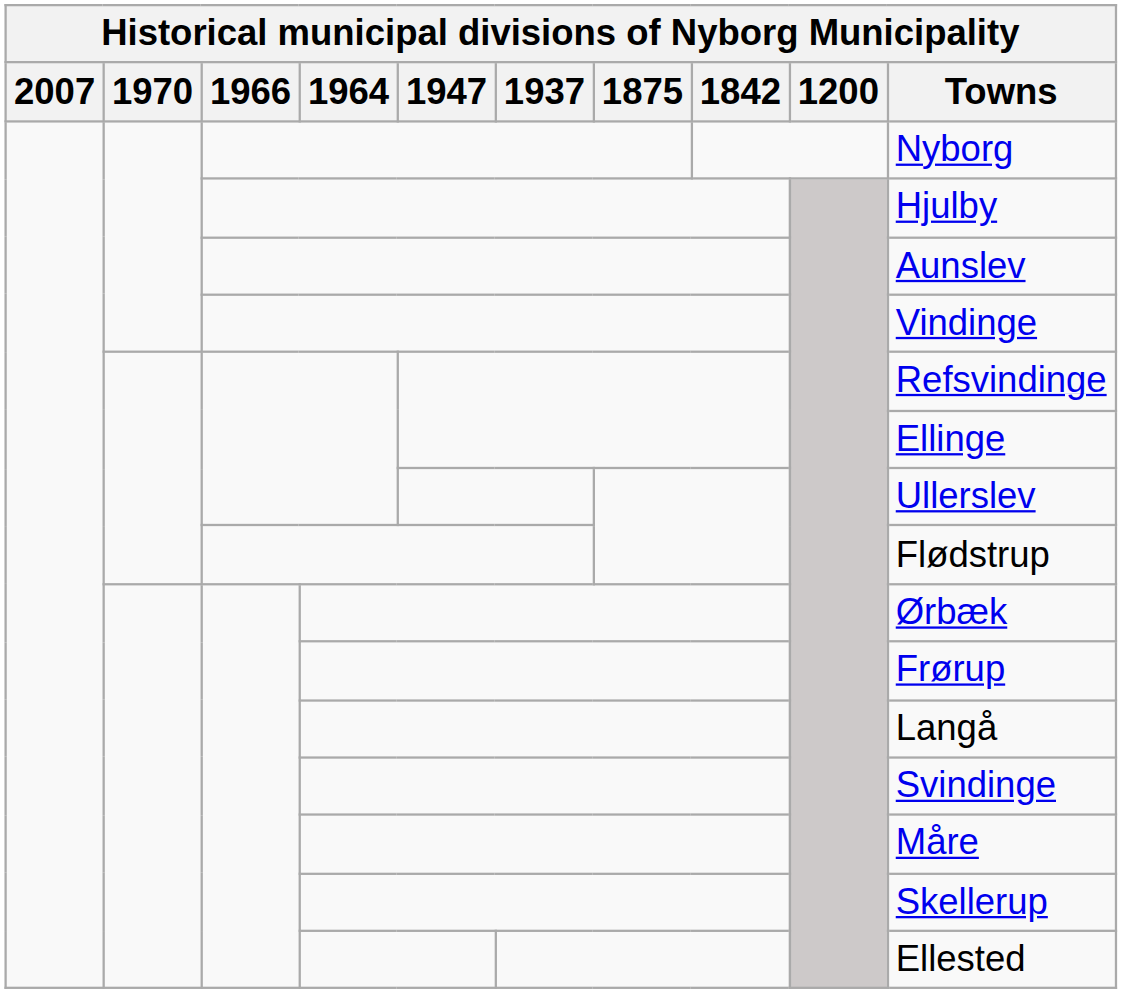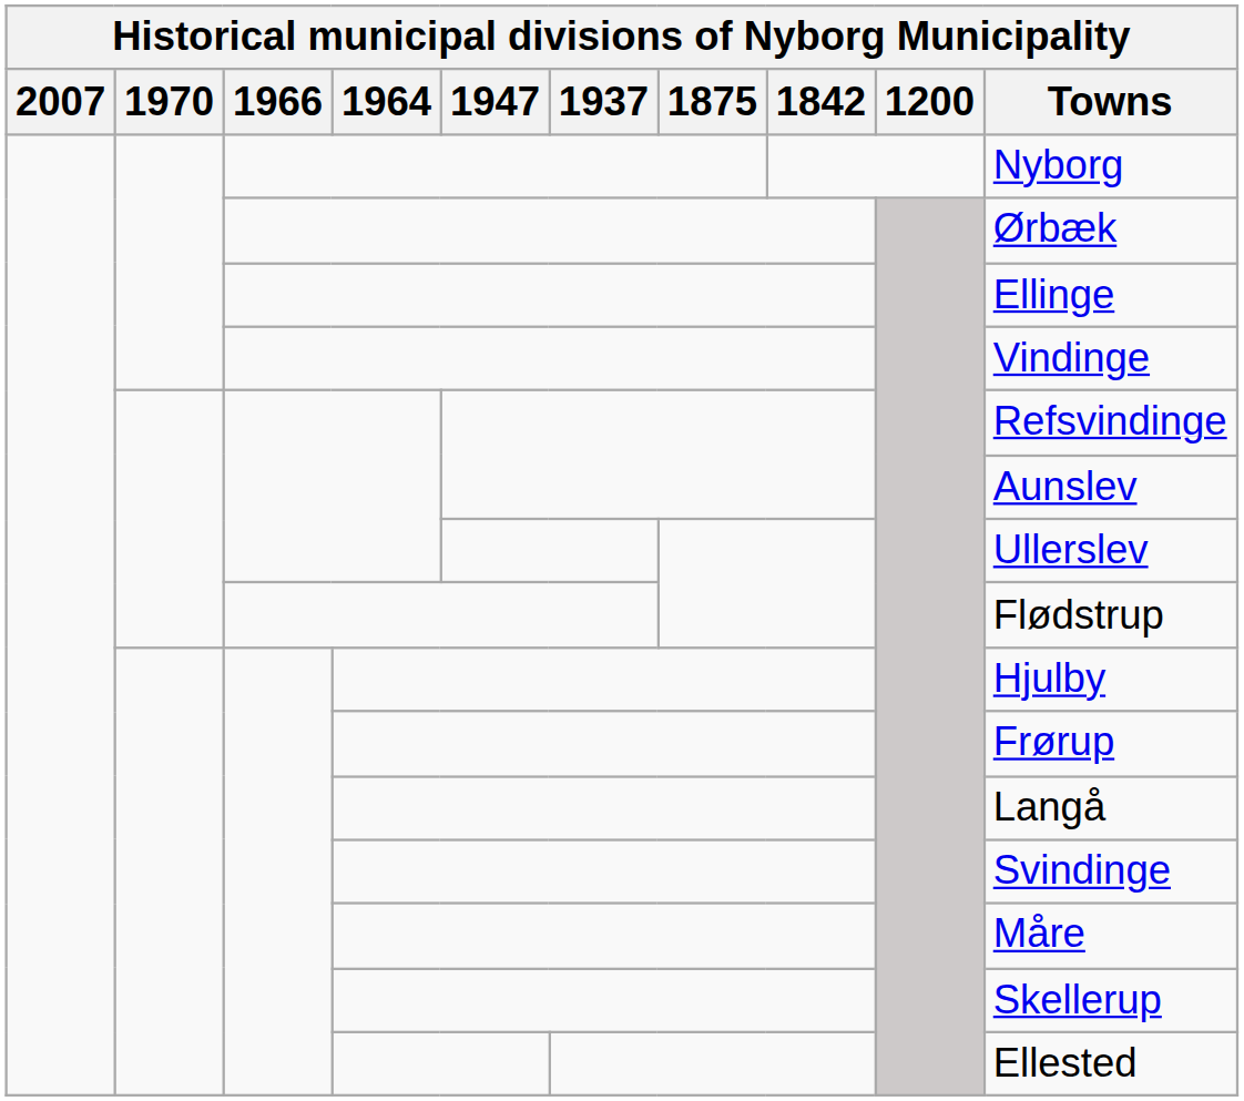 <table class="wikitable" style="margin-left:1em;" style="text-align: center">
 <tr>
 <th colspan="99">Historical municipal divisions of Nyborg Municipality</th>
 </tr>
 <tr>
 <th>2007</th>
 <th>1970</th>
 <th>1966</th>
 <th>1964</th>
 <th>1947</th>
 <th>1937</th>
 <th>1875</th>
 <th>1842</th>
 <th>1200</th>
 <th>Towns</th>
 </tr>
 <tr>
 <td rowspan="15"></td>
 <td rowspan="4"></td>
 <td colspan="5"></td>
 <td colspan="2"></td>
 <td><a href='#'>Nyborg</a></td>
 </tr>
 <tr>
 <td colspan="6"></td>
 <td rowspan="14" colspan="1" style="background:#CDC9C9;"></td>
-<td><a href='#'>Hjulby</a></td>
+<td><a href='#'>Ørbæk</a></td>
 </tr>
 <tr>
 <td colspan="6"></td>
-<td><a href='#'>Aunslev</a></td>
+<td><a href='#'>Ellinge</a></td>
 </tr>
 <tr>
 <td colspan="6"></td>
 <td><a href='#'>Vindinge</a></td>
 </tr>
 <tr>
 <td rowspan="4"></td>
 <td rowspan="3" colspan="2"></td>
 <td colspan="4" rowspan="2"></td>
 <td><a href='#'>Refsvindinge</a></td>
 </tr>
 <tr>
-<td><a href='#'>Ellinge</a></td>
+<td><a href='#'>Aunslev</a></td>
 </tr>
 <tr>
 <td colspan="2"></td>
 <td rowspan="2" colspan="2"></td>
 <td><a href='#'>Ullerslev</a></td>
 </tr>
 <tr>
 <td colspan="4"></td>
 <td>Flødstrup</td>
 </tr>
 <tr>
 <td rowspan="7"></td>
 <td rowspan="7"></td>
 <td colspan="5"></td>
-<td><a href='#'>Ørbæk</a></td>
+<td><a href='#'>Hjulby</a></td>
 </tr>
 <tr>
 <td colspan="5"></td>
 <td><a href='#'>Frørup</a></td>
 </tr>
 <tr>
 <td colspan="5"></td>
 <td>Langå</td>
 </tr>
 <tr>
 <td colspan="5"></td>
 <td><a href='#'>Svindinge</a></td>
 </tr>
 <tr>
 <td colspan="5"></td>
 <td><a href='#'>Måre</a></td>
 </tr>
 <tr>
 <td colspan="5"></td>
 <td><a href='#'>Skellerup</a></td>
 </tr>
 <tr>
 <td colspan="2"></td>
 <td colspan="3"></td>
 <td>Ellested</td>
 </tr>
 </table>
